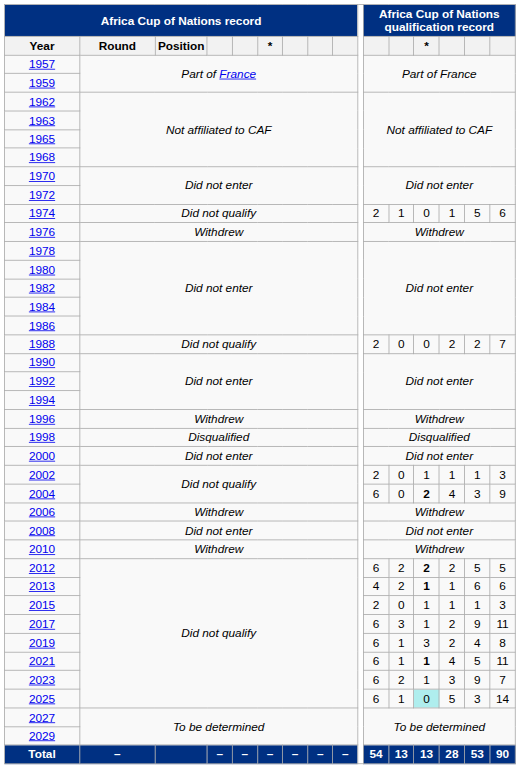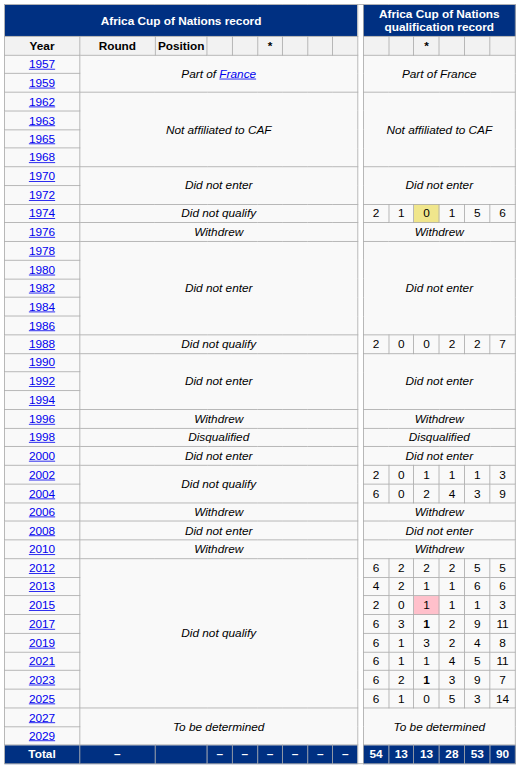 <table class="wikitable" style="font-size:90%; text-align:center;" width="100%">
 <tr>
 <th colspan="9" style="color:white; background:#003082;">Africa Cup of Nations <strong>record</strong></th>
 <th rowspan="41" style="width:1%;background:white"></th>
 <th colspan="6" style="color:white; background:#003082;">Africa Cup of Nations qualification <strong>record</strong></th>
 </tr>
 <tr>
 <th width="15%">Year</th>
 <th width="15%">Round</th>
 <th width="5%">Position</th>
 <th width="5%"></th>
 <th width="5%"></th>
 <th width="5%">*</th>
 <th width="5%"></th>
 <th width="5%"></th>
 <th width="5%"></th>
 <th width="5%"></th>
 <th width="5%"></th>
 <th width="5%">*</th>
 <th width="5%"></th>
 <th width="5%"></th>
 <th width="5%"></th>
 </tr>
 <tr>
 <td> <a href='#'>1957</a></td>
 <td colspan="8" rowspan="2"><em>Part of <a href='#'>France</a></em></td>
 <td colspan="6" rowspan="2"><em>Part of France</em></td>
 </tr>
 <tr>
 <td> <a href='#'>1959</a></td>
 </tr>
 <tr>
 <td> <a href='#'>1962</a></td>
 <td colspan="8" rowspan="4"><em>Not affiliated to CAF</em></td>
 <td colspan="6" rowspan="4"><em>Not affiliated to CAF</em></td>
 </tr>
 <tr>
 <td> <a href='#'>1963</a></td>
 </tr>
 <tr>
 <td> <a href='#'>1965</a></td>
 </tr>
 <tr>
 <td> <a href='#'>1968</a></td>
 </tr>
 <tr>
 <td> <a href='#'>1970</a></td>
 <td colspan="8" rowspan="2"><em>Did not enter</em></td>
 <td colspan="6" rowspan="2"><em>Did not enter</em></td>
 </tr>
 <tr>
 <td> <a href='#'>1972</a></td>
 </tr>
 <tr>
 <td> <a href='#'>1974</a></td>
 <td colspan="8"><em>Did not qualify</em></td>
 <td>2</td>
 <td>1</td>
-<td>0</td>
+<td style="background: khaki;">0</td>
 <td>1</td>
 <td>5</td>
 <td>6</td>
 </tr>
 <tr>
 <td> <a href='#'>1976</a></td>
 <td colspan="8"><em>Withdrew</em></td>
 <td colspan="6"><em>Withdrew</em></td>
 </tr>
 <tr>
 <td> <a href='#'>1978</a></td>
 <td colspan="8" rowspan="5"><em>Did not enter</em></td>
 <td colspan="6" rowspan="5"><em>Did not enter</em></td>
 </tr>
 <tr>
 <td> <a href='#'>1980</a></td>
 </tr>
 <tr>
 <td> <a href='#'>1982</a></td>
 </tr>
 <tr>
 <td> <a href='#'>1984</a></td>
 </tr>
 <tr>
 <td> <a href='#'>1986</a></td>
 </tr>
 <tr>
 <td> <a href='#'>1988</a></td>
 <td colspan="8"><em>Did not qualify</em></td>
 <td>2</td>
 <td>0</td>
 <td>0</td>
 <td>2</td>
 <td>2</td>
 <td>7</td>
 </tr>
 <tr>
 <td> <a href='#'>1990</a></td>
 <td colspan="8" rowspan="3"><em>Did not enter</em></td>
 <td colspan="6" rowspan="3"><em>Did not enter</em></td>
 </tr>
 <tr>
 <td> <a href='#'>1992</a></td>
 </tr>
 <tr>
 <td> <a href='#'>1994</a></td>
 </tr>
 <tr>
 <td> <a href='#'>1996</a></td>
 <td colspan="8"><em>Withdrew</em></td>
 <td colspan="6"><em>Withdrew</em></td>
 </tr>
 <tr>
 <td> <a href='#'>1998</a></td>
 <td colspan="8"><em>Disqualified</em></td>
 <td colspan="6"><em>Disqualified</em></td>
 </tr>
 <tr>
 <td>  <a href='#'>2000</a></td>
 <td colspan="8"><em>Did not enter</em></td>
 <td colspan="6"><em>Did not enter</em></td>
 </tr>
 <tr>
 <td> <a href='#'>2002</a></td>
 <td colspan="8" rowspan="2"><em>Did not qualify</em></td>
 <td>2</td>
 <td>0</td>
 <td>1</td>
 <td>1</td>
 <td>1</td>
 <td>3</td>
 </tr>
 <tr>
 <td> <a href='#'>2004</a></td>
 <td>6</td>
 <td>0</td>
-<td><strong>2</strong></td>
+<td>2</td>
 <td>4</td>
 <td>3</td>
 <td>9</td>
 </tr>
 <tr>
 <td> <a href='#'>2006</a></td>
 <td colspan="8"><em>Withdrew</em></td>
 <td colspan="6"><em>Withdrew</em></td>
 </tr>
 <tr>
 <td> <a href='#'>2008</a></td>
 <td colspan="8"><em>Did not enter</em></td>
 <td colspan="6"><em>Did not enter</em></td>
 </tr>
 <tr>
 <td> <a href='#'>2010</a></td>
 <td colspan="8"><em>Withdrew</em></td>
 <td colspan="6"><em>Withdrew</em></td>
 </tr>
 <tr>
 <td>  <a href='#'>2012</a></td>
 <td colspan="8" rowspan="8"><em>Did not qualify</em></td>
 <td>6</td>
 <td>2</td>
-<td><strong>2</strong></td>
+<td>2</td>
 <td>2</td>
 <td>5</td>
 <td>5</td>
 </tr>
 <tr>
 <td> <a href='#'>2013</a></td>
 <td>4</td>
 <td>2</td>
-<td><strong>1</strong></td>
+<td>1</td>
 <td>1</td>
 <td>6</td>
 <td>6</td>
 </tr>
 <tr>
 <td> <a href='#'>2015</a></td>
 <td>2</td>
 <td>0</td>
-<td>1</td>
+<td style="background: pink;">1</td>
 <td>1</td>
 <td>1</td>
 <td>3</td>
 </tr>
 <tr>
 <td> <a href='#'>2017</a></td>
 <td>6</td>
 <td>3</td>
-<td>1</td>
+<td><strong>1</strong></td>
 <td>2</td>
 <td>9</td>
 <td>11</td>
 </tr>
 <tr>
 <td> <a href='#'>2019</a></td>
 <td>6</td>
 <td>1</td>
 <td>3</td>
 <td>2</td>
 <td>4</td>
 <td>8</td>
 </tr>
 <tr>
 <td> <a href='#'>2021</a></td>
 <td>6</td>
 <td>1</td>
-<td><strong>1</strong></td>
+<td>1</td>
 <td>4</td>
 <td>5</td>
 <td>11</td>
 </tr>
 <tr>
 <td> <a href='#'>2023</a></td>
 <td>6</td>
 <td>2</td>
-<td>1</td>
+<td><strong>1</strong></td>
 <td>3</td>
 <td>9</td>
 <td>7</td>
 </tr>
 <tr>
 <td> <a href='#'>2025</a></td>
 <td>6</td>
 <td>1</td>
-<td style="background: paleturquoise;">0</td>
+<td>0</td>
 <td>5</td>
 <td>3</td>
 <td>14</td>
 </tr>
 <tr>
 <td>   <a href='#'>2027</a></td>
 <td colspan="8" rowspan="2"><em>To be determined</em></td>
 <td colspan="6" rowspan="2"><em>To be determined</em></td>
 </tr>
 <tr>
 <td> <a href='#'>2029</a></td>
 </tr>
 <tr>
 <th style="background:#003082; color:white;">Total</th>
 <th style="background:#003082; color:white;">–</th>
 <th style="background:#003082; color:white;"></th>
 <th style="background:#003082; color:white;">–</th>
 <th style="background:#003082; color:white;">–</th>
 <th style="background:#003082; color:white;">–</th>
 <th style="background:#003082; color:white;">–</th>
 <th style="background:#003082; color:white;">–</th>
 <th style="background:#003082; color:white;">–</th>
 <th style="background:#003082; color:white;">54</th>
 <th style="background:#003082; color:white;">13</th>
 <th style="background:#003082; color:white;">13</th>
 <th style="background:#003082; color:white;">28</th>
 <th style="background:#003082; color:white;">53</th>
 <th style="background:#003082; color:white;">90</th>
 </tr>
 </table>
